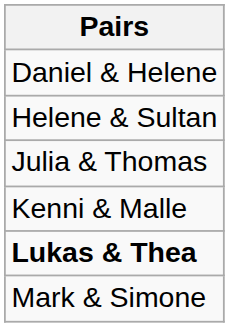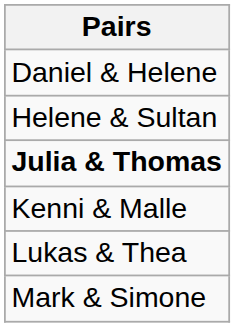 <table class="wikitable">
 <tr>
 <th>Pairs</th>
 </tr>
 <tr>
 <td>Daniel & Helene</td>
 </tr>
 <tr>
 <td>Helene & Sultan</td>
 </tr>
 <tr>
-<td>Julia & Thomas</td>
+<td><strong>Julia & Thomas</strong></td>
 </tr>
 <tr>
 <td>Kenni & Malle</td>
 </tr>
 <tr>
-<td><strong>Lukas & Thea</strong></td>
+<td>Lukas & Thea</td>
 </tr>
 <tr>
 <td>Mark & Simone</td>
 </tr>
 </table>
